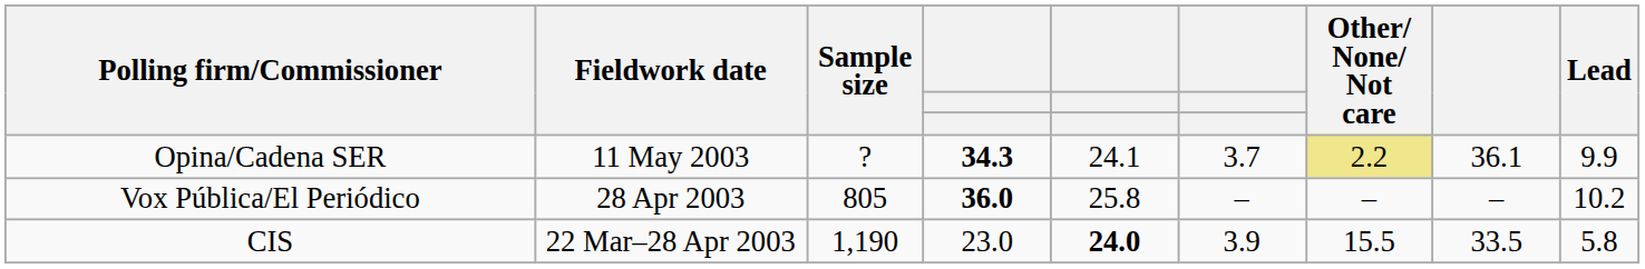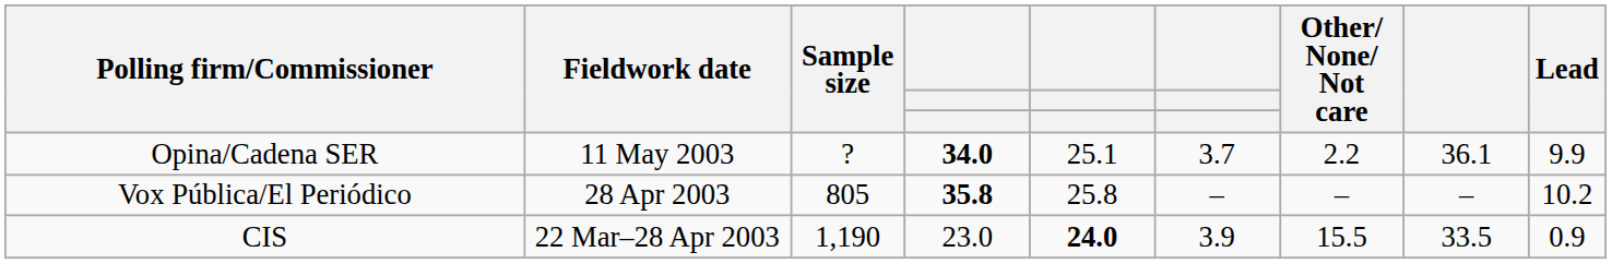 <table class="wikitable collapsible collapsed" style="text-align:center; font-size:90%; line-height:14px;">
 <tr style="height:42px;">
 <th style="width:250px;" rowspan="3">Polling firm/Commissioner</th>
 <th style="width:125px;" rowspan="3">Fieldwork date</th>
 <th style="width:50px;" rowspan="3">Sample size</th>
 <th style="width:55px;"></th>
 <th style="width:55px;"></th>
 <th style="width:55px;"></th>
 <th style="width:55px;" rowspan="3">Other/<br>None/<br>Not<br>care</th>
 <th style="width:55px;" rowspan="3"></th>
 <th style="width:30px;" rowspan="3">Lead</th>
 </tr>
 <tr>
 <th style="color:inherit;background:"></th>
 <th style="color:inherit;background:"></th>
 <th style="color:inherit;background:"></th>
 </tr>
 <tr>
 <th></th>
 <th></th>
 <th></th>
 </tr>
 <tr>
 <td>Opina/Cadena SER</td>
 <td>11 May 2003</td>
 <td>?</td>
-<td><strong>34.3</strong></td>
-<td>24.1</td>
+<td><strong>34.0</strong></td>
+<td>25.1</td>
 <td>3.7</td>
-<td style="background: khaki;">2.2</td>
+<td>2.2</td>
 <td>36.1</td>
 <td style="background:">9.9</td>
 </tr>
 <tr>
 <td>Vox Pública/El Periódico</td>
 <td>28 Apr 2003</td>
 <td>805</td>
-<td><strong>36.0</strong></td>
+<td><strong>35.8</strong></td>
 <td>25.8</td>
 <td>–</td>
 <td>–</td>
 <td>–</td>
 <td style="background:">10.2</td>
 </tr>
 <tr>
 <td>CIS</td>
 <td>22 Mar–28 Apr 2003</td>
 <td>1,190</td>
 <td>23.0</td>
 <td><strong>24.0</strong></td>
 <td>3.9</td>
 <td>15.5</td>
 <td>33.5</td>
-<td style="background:">5.8</td>
+<td style="background:">0.9</td>
 </tr>
 </table>
